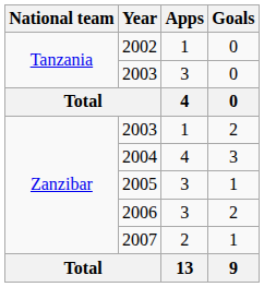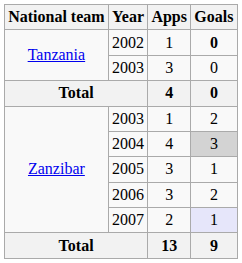 <table class="wikitable" style="text-align: center;">
 <tr>
 <th>National team</th>
 <th>Year</th>
 <th>Apps</th>
 <th>Goals</th>
 </tr>
 <tr>
 <td rowspan="2"><a href='#'>Tanzania</a></td>
 <td>2002</td>
 <td>1</td>
-<td>0</td>
+<td><strong>0</strong></td>
 </tr>
 <tr>
 <td>2003</td>
 <td>3</td>
 <td>0</td>
 </tr>
 <tr>
 <th colspan="2">Total</th>
 <th>4</th>
 <th>0</th>
 </tr>
 <tr>
 <td rowspan="5"><a href='#'>Zanzibar</a></td>
 <td>2003</td>
 <td>1</td>
 <td>2</td>
 </tr>
 <tr>
 <td>2004</td>
 <td>4</td>
-<td>3</td>
+<td style="background: lightgrey;">3</td>
 </tr>
 <tr>
 <td>2005</td>
 <td>3</td>
 <td>1</td>
 </tr>
 <tr>
 <td>2006</td>
 <td>3</td>
 <td>2</td>
 </tr>
 <tr>
 <td>2007</td>
 <td>2</td>
-<td>1</td>
+<td style="background: lavender;">1</td>
 </tr>
 <tr>
 <th colspan="2">Total</th>
 <th>13</th>
 <th>9</th>
 </tr>
 </table>
